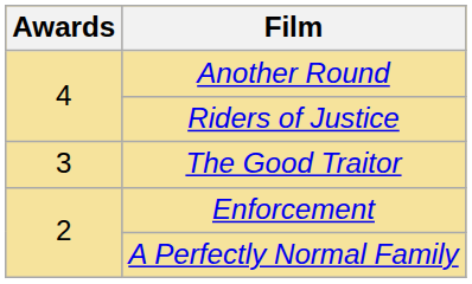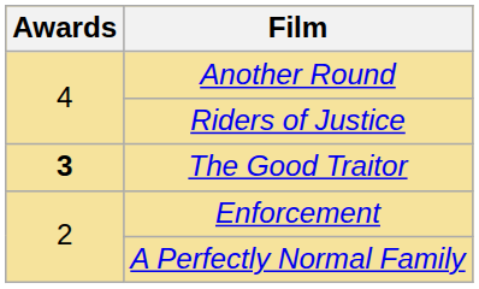 <table class="wikitable plainrowheaders" rowspan=2 style="text-align: center; background: #f6e39c">
 <tr>
 <th scope="col" style="width:55px;">Awards</th>
 <th scope="col" style="text-align:center;">Film</th>
 </tr>
 <tr>
 <td rowspan="2">4</td>
 <td><em><a href='#'>Another Round</a></em></td>
 </tr>
 <tr>
 <td><em><a href='#'>Riders of Justice</a></em></td>
 </tr>
 <tr>
-<td>3</td>
+<td><strong>3</strong></td>
 <td><em><a href='#'>The Good Traitor</a></em></td>
 </tr>
 <tr>
 <td rowspan="2">2</td>
 <td><em><a href='#'>Enforcement</a></em></td>
 </tr>
 <tr>
 <td><em><a href='#'>A Perfectly Normal Family</a></em></td>
 </tr>
 </table>
